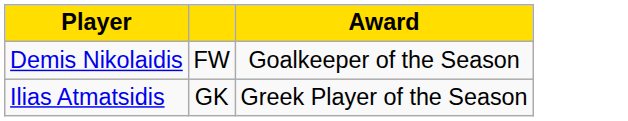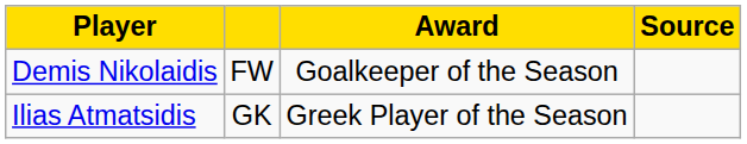 <table class="wikitable">
 <tr>
 <th style="background:#FFDE00">Player</th>
 <th style="background:#FFDE00"></th>
 <th style="background:#FFDE00">Award</th>
+<th style="background:#FFDE00">Source</th>
 </tr>
 <tr>
 <td> <a href='#'>Demis Nikolaidis</a></td>
 <td align="center">FW</td>
 <td align="center">Goalkeeper of the Season</td>
+<td align="center"></td>
 </tr>
 <tr>
 <td> <a href='#'>Ilias Atmatsidis</a></td>
 <td align="center">GK</td>
 <td align="center">Greek Player of the Season</td>
+<td align="center"></td>
 </tr>
 </table>
